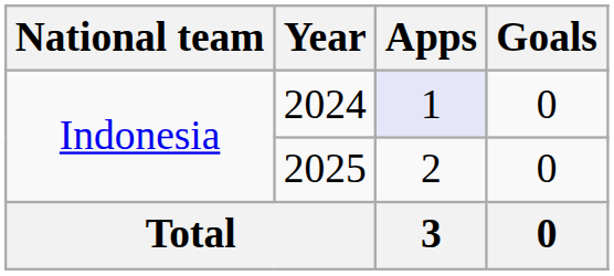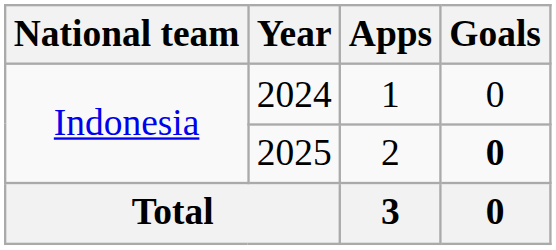 <table class="wikitable" style="text-align:center">
 <tr>
 <th>National team</th>
 <th>Year</th>
 <th>Apps</th>
 <th>Goals</th>
 </tr>
 <tr>
 <td rowspan="2"><a href='#'>Indonesia</a></td>
 <td>2024</td>
-<td style="background: lavender;">1</td>
+<td>1</td>
 <td>0</td>
 </tr>
 <tr>
 <td>2025</td>
 <td>2</td>
-<td>0</td>
+<td><strong>0</strong></td>
 </tr>
 <tr>
 <th colspan="2">Total</th>
 <th>3</th>
 <th>0</th>
 </tr>
 </table>
